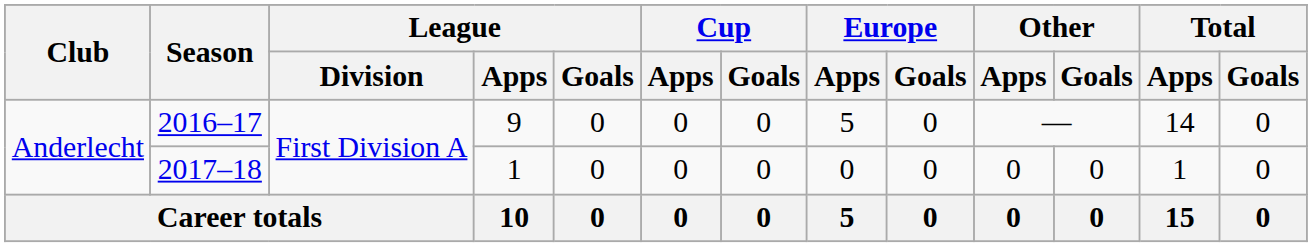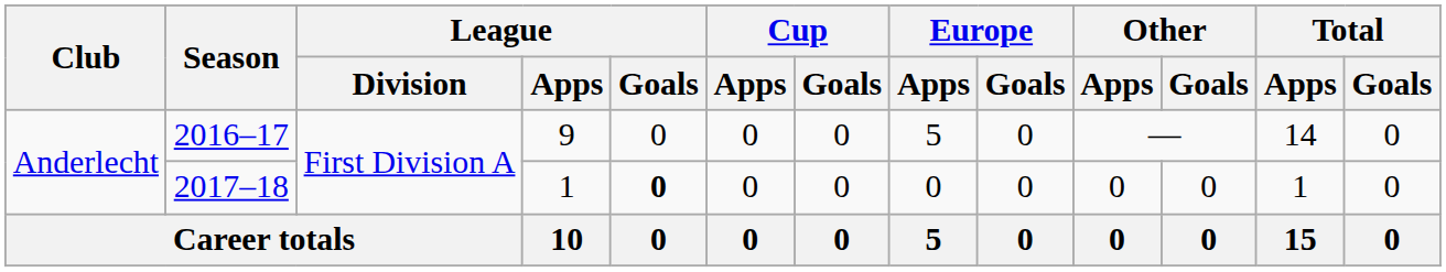 <table class="wikitable" style="text-align:center">
 <tr>
 <th rowspan="2">Club</th>
 <th rowspan="2">Season</th>
 <th colspan="3">League</th>
 <th colspan="2"><a href='#'>Cup</a></th>
 <th colspan="2"><a href='#'>Europe</a></th>
 <th colspan="2">Other</th>
 <th colspan="2">Total</th>
 </tr>
 <tr>
 <th>Division</th>
 <th>Apps</th>
 <th>Goals</th>
 <th>Apps</th>
 <th>Goals</th>
 <th>Apps</th>
 <th>Goals</th>
 <th>Apps</th>
 <th>Goals</th>
 <th>Apps</th>
 <th>Goals</th>
 </tr>
 <tr>
 <td rowspan="2"><a href='#'>Anderlecht</a></td>
 <td><a href='#'>2016–17</a></td>
 <td rowspan="2"><a href='#'>First Division A</a></td>
 <td>9</td>
 <td>0</td>
 <td>0</td>
 <td>0</td>
 <td>5</td>
 <td>0</td>
 <td colspan=2>—</td>
 <td>14</td>
 <td>0</td>
 </tr>
 <tr>
 <td><a href='#'>2017–18</a></td>
 <td>1</td>
-<td>0</td>
+<td><strong>0</strong></td>
 <td>0</td>
 <td>0</td>
 <td>0</td>
 <td>0</td>
 <td>0</td>
 <td>0</td>
 <td>1</td>
 <td>0</td>
 </tr>
 <tr>
 <th colspan="3">Career totals</th>
 <th>10</th>
 <th>0</th>
 <th>0</th>
 <th>0</th>
 <th>5</th>
 <th>0</th>
 <th>0</th>
 <th>0</th>
 <th>15</th>
 <th>0</th>
 </tr>
 </table>
